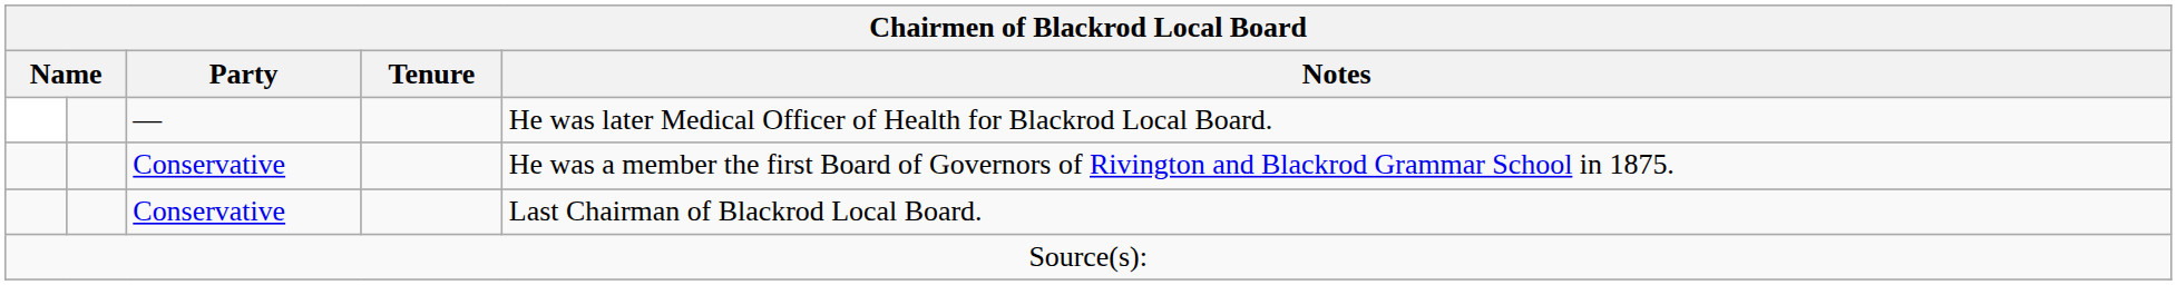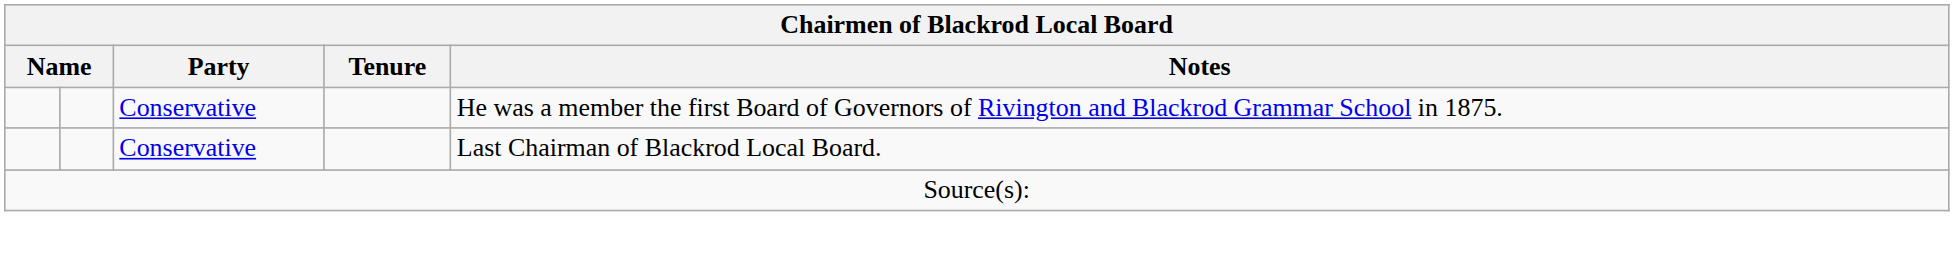 <table class="wikitable sortable" style="width: 95%;">
 <tr>
 <th colspan="5">Chairmen of Blackrod Local Board</th>
 </tr>
 <tr>
 <th colspan=2>Name</th>
 <th>Party</th>
 <th>Tenure</th>
 <th class=unsortable>Notes</th>
-</tr>
-<tr>
-<td style="background-color:#FFFFFF"></td>
-<td></td>
-<td>—</td>
-<td></td>
-<td>He was later Medical Officer of Health for Blackrod Local Board.</td>
 </tr>
 <tr>
 <td style="background-color: "></td>
 <td></td>
 <td><a href='#'>Conservative</a></td>
 <td></td>
 <td>He was a member the first Board of Governors of <a href='#'>Rivington and Blackrod Grammar School</a> in 1875.</td>
 </tr>
 <tr>
 <td style="background-color: "></td>
 <td></td>
 <td><a href='#'>Conservative</a></td>
 <td></td>
 <td>Last Chairman of Blackrod Local Board.</td>
 </tr>
 <tr class="sortbottom">
 <td colspan="5" align="center" class=unsortable>Source(s):</td>
 </tr>
 </table>
